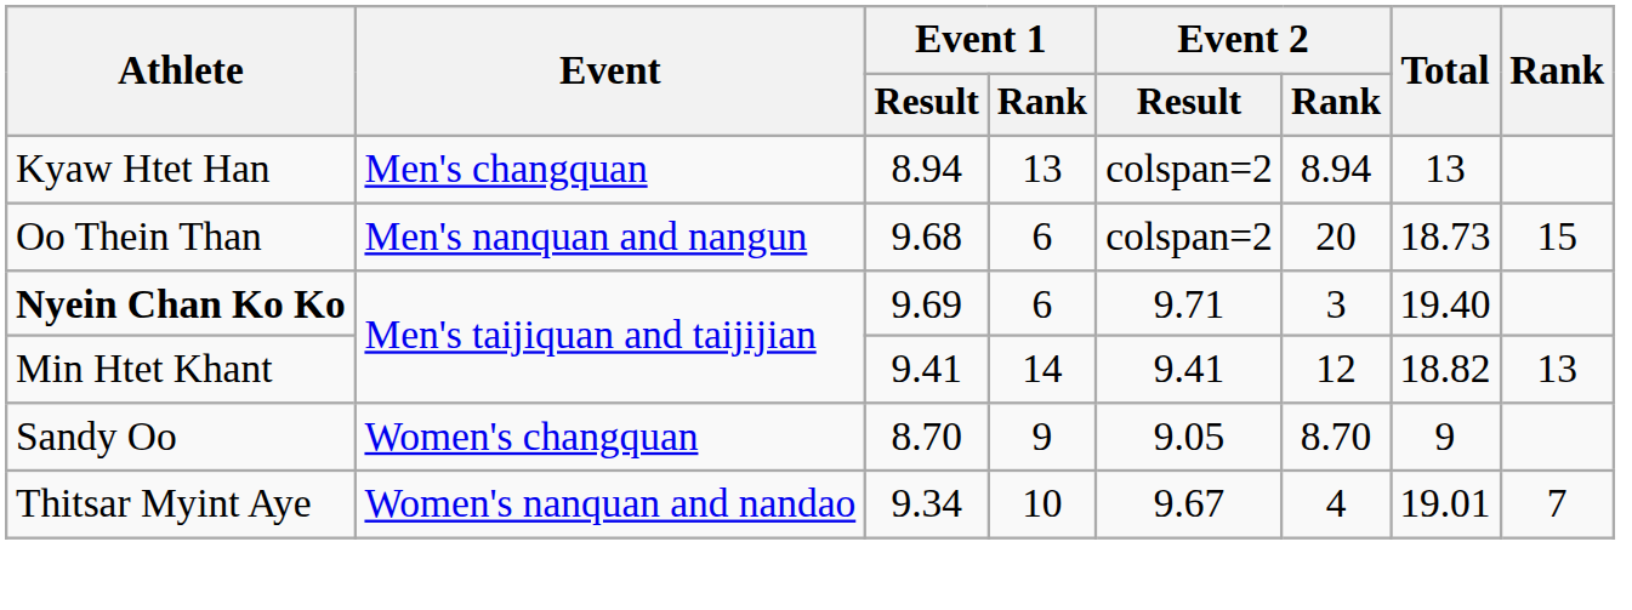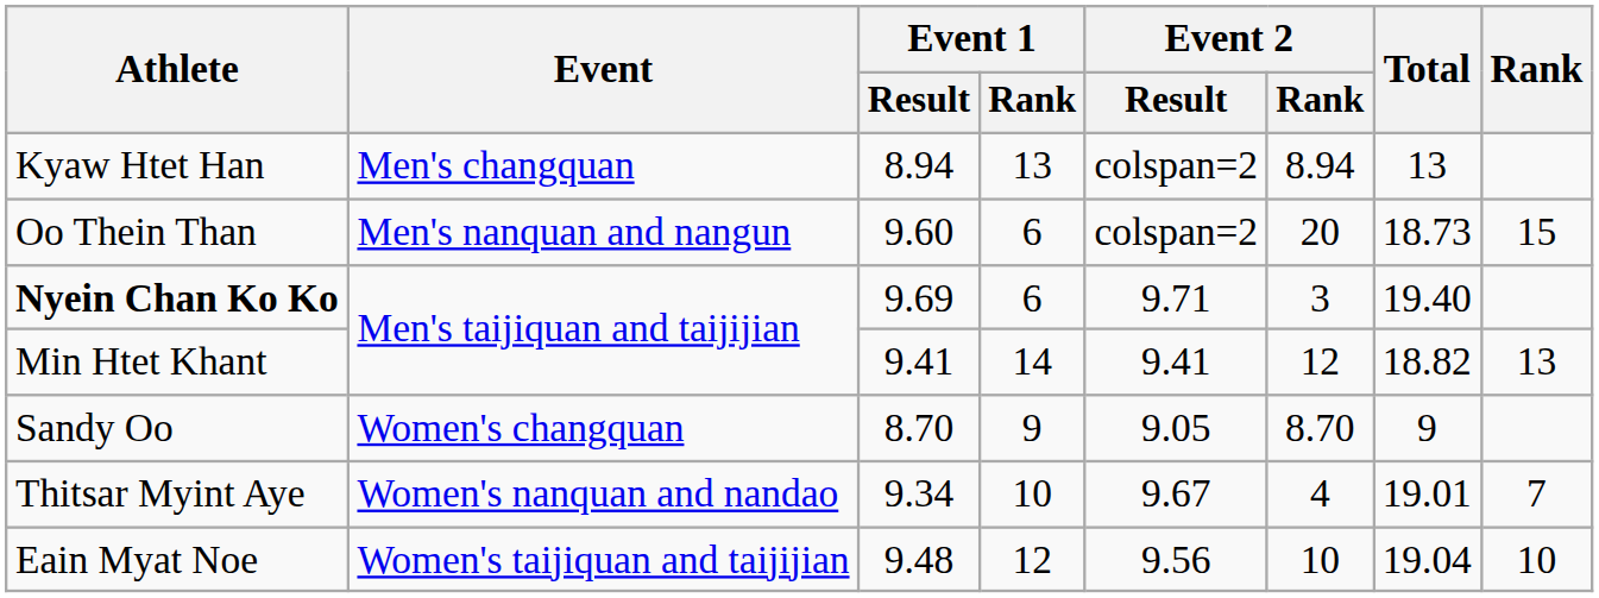 <table class=wikitable style=font-size:90%;text-align:center>
 <tr>
 <th rowspan="2">Athlete</th>
 <th rowspan="2">Event</th>
 <th colspan="2">Event 1</th>
 <th colspan="2">Event 2</th>
 <th rowspan="2">Total</th>
 <th rowspan="2">Rank</th>
 </tr>
 <tr style="font-size:95%">
 <th>Result</th>
 <th>Rank</th>
 <th>Result</th>
 <th>Rank</th>
 </tr>
 <tr>
 <td align=left>Kyaw Htet Han</td>
 <td align=left><a href='#'>Men's changquan</a></td>
 <td>8.94</td>
 <td>13</td>
 <td>colspan=2 </td>
 <td>8.94</td>
 <td>13</td>
 </tr>
 <tr>
 <td align=left>Oo Thein Than</td>
 <td align=left><a href='#'>Men's nanquan and nangun</a></td>
-<td>9.68</td>
+<td>9.60</td>
 <td>6</td>
 <td>colspan=2 </td>
 <td>20</td>
 <td>18.73</td>
 <td>15</td>
 </tr>
 <tr>
 <td align=left><strong>Nyein Chan Ko Ko</strong></td>
 <td align=left rowspan=2><a href='#'>Men's taijiquan and taijijian</a></td>
 <td>9.69</td>
 <td>6</td>
 <td>9.71</td>
 <td>3</td>
 <td>19.40</td>
 <td></td>
 </tr>
 <tr>
 <td align=left>Min Htet Khant</td>
 <td>9.41</td>
 <td>14</td>
 <td>9.41</td>
 <td>12</td>
 <td>18.82</td>
 <td>13</td>
 </tr>
 <tr>
 <td align=left>Sandy Oo</td>
 <td align=left><a href='#'>Women's changquan</a></td>
 <td>8.70</td>
 <td>9</td>
 <td>9.05</td>
 <td>8.70</td>
 <td>9</td>
 </tr>
 <tr>
 <td align=left>Thitsar Myint Aye</td>
 <td align=left><a href='#'>Women's nanquan and nandao</a></td>
 <td>9.34</td>
 <td>10</td>
 <td>9.67</td>
 <td>4</td>
 <td>19.01</td>
 <td>7</td>
 </tr>
+<tr>
+<td align=left>Eain Myat Noe</td>
+<td align=left><a href='#'>Women's taijiquan and taijijian</a></td>
+<td>9.48</td>
+<td>12</td>
+<td>9.56</td>
+<td>10</td>
+<td>19.04</td>
+<td>10</td>
+</tr>
 </table>
